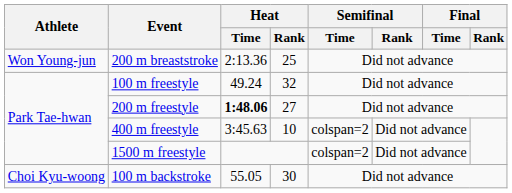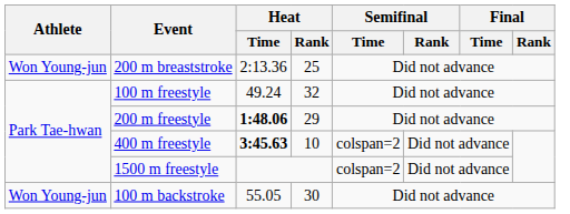 <table class=wikitable style="font-size:90%">
 <tr>
 <th rowspan="2">Athlete</th>
 <th rowspan="2">Event</th>
 <th colspan="2">Heat</th>
 <th colspan="2">Semifinal</th>
 <th colspan="2">Final</th>
 </tr>
 <tr style="font-size:95%">
 <th>Time</th>
 <th>Rank</th>
 <th>Time</th>
 <th>Rank</th>
 <th>Time</th>
 <th>Rank</th>
 </tr>
 <tr align=center>
 <td align=left><a href='#'>Won Young-jun</a></td>
 <td align=left><a href='#'>200 m breaststroke</a></td>
 <td>2:13.36</td>
 <td>25</td>
 <td colspan=4>Did not advance</td>
 </tr>
 <tr align=center>
 <td align=left rowspan=4><a href='#'>Park Tae-hwan</a></td>
 <td align=left><a href='#'>100 m freestyle</a></td>
 <td>49.24</td>
 <td>32</td>
 <td colspan=4>Did not advance</td>
 </tr>
 <tr align=center>
 <td align=left><a href='#'>200 m freestyle</a></td>
 <td><strong>1:48.06</strong></td>
-<td>27</td>
+<td>29</td>
 <td colspan=4>Did not advance</td>
 </tr>
 <tr align=center>
 <td align=left><a href='#'>400 m freestyle</a></td>
-<td>3:45.63</td>
+<td><strong>3:45.63</strong></td>
 <td>10</td>
 <td>colspan=2 </td>
 <td colspan=2>Did not advance</td>
 </tr>
 <tr align=center>
 <td align=left><a href='#'>1500 m freestyle</a></td>
 <td colspan=2></td>
 <td>colspan=2 </td>
 <td colspan=2>Did not advance</td>
 </tr>
 <tr align="center">
-<td align=left><a href='#'>Choi Kyu-woong</a></td>
+<td align=left><a href='#'>Won Young-jun</a></td>
 <td align=left><a href='#'>100 m backstroke</a></td>
 <td>55.05</td>
 <td>30</td>
 <td colspan=4>Did not advance</td>
 </tr>
 </table>
